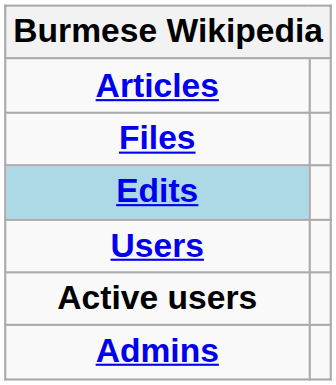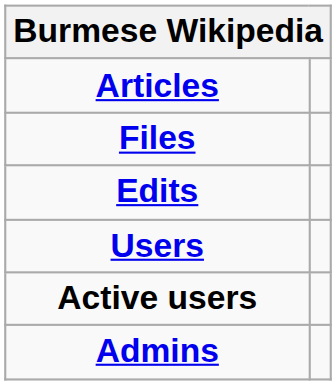 <table class="wikitable sortable" align=right style="text-align: center;">
 <tr>
 <th colspan=4>Burmese Wikipedia </th>
 </tr>
 <tr>
 <td><strong><a href='#'>Articles</a></strong></td>
 <td></td>
 </tr>
 <tr>
 <td><strong><a href='#'>Files</a></strong></td>
 <td></td>
 </tr>
 <tr>
-<td style="background: lightblue;"><strong><a href='#'>Edits</a></strong></td>
+<td><strong><a href='#'>Edits</a></strong></td>
 <td></td>
 </tr>
 <tr>
 <td><strong><a href='#'>Users</a></strong></td>
 <td></td>
 </tr>
 <tr>
 <td><strong>Active users</strong></td>
 <td></td>
 </tr>
 <tr>
 <td><strong><a href='#'>Admins</a></strong></td>
 <td></td>
 </tr>
 </table>
